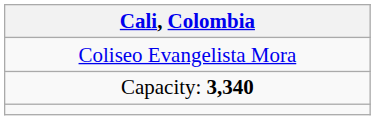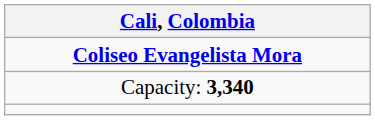 <table class=wikitable style=text-align:center width=280>
 <tr>
 <th> <a href='#'>Cali</a>, <a href='#'>Colombia</a></th>
 </tr>
 <tr>
-<td><a href='#'>Coliseo Evangelista Mora</a></td>
+<td><strong><a href='#'>Coliseo Evangelista Mora</a></strong></td>
 </tr>
 <tr>
 <td>Capacity: <strong>3,340</strong></td>
 </tr>
 <tr>
 <td></td>
 </tr>
 </table>
